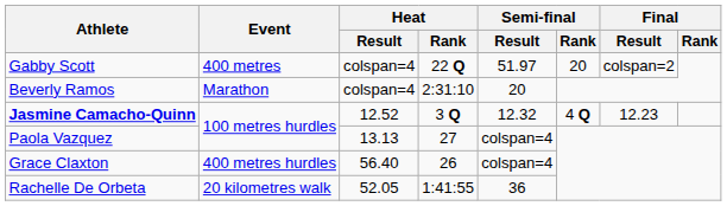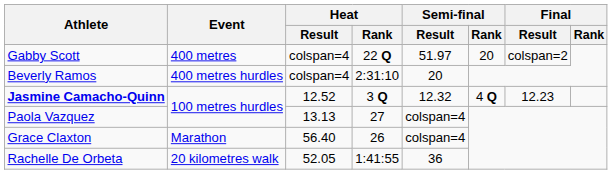 <table class="wikitable" style="font-size:90%">
 <tr>
 <th rowspan="2">Athlete</th>
 <th rowspan="2">Event</th>
 <th colspan="2">Heat</th>
 <th colspan="2">Semi-final</th>
 <th colspan="2">Final</th>
 </tr>
 <tr style="font-size:95%">
 <th>Result</th>
 <th>Rank</th>
 <th>Result</th>
 <th>Rank</th>
 <th>Result</th>
 <th>Rank</th>
 </tr>
 <tr style=text-align:center>
 <td style=text-align:left><a href='#'>Gabby Scott</a></td>
 <td style=text-align:left><a href='#'>400 metres</a></td>
 <td>colspan=4 </td>
 <td>22 <strong>Q</strong></td>
 <td>51.97</td>
 <td>20</td>
 <td>colspan=2 </td>
 </tr>
 <tr style=text-align:center>
 <td style=text-align:left><a href='#'>Beverly Ramos</a></td>
-<td style=text-align:left><a href='#'>Marathon</a></td>
+<td style=text-align:left><a href='#'>400 metres hurdles</a></td>
 <td>colspan=4 </td>
 <td>2:31:10 <strong></strong></td>
 <td>20</td>
 </tr>
 <tr style=text-align:center>
 <td style=text-align:left><strong><a href='#'>Jasmine Camacho-Quinn</a></strong></td>
 <td style=text-align:left rowspan=2><a href='#'>100 metres hurdles</a></td>
 <td>12.52</td>
 <td>3 <strong>Q</strong></td>
 <td>12.32 </td>
 <td>4 <strong>Q</strong></td>
 <td>12.23</td>
 <td></td>
 </tr>
 <tr style=text-align:center>
 <td style=text-align:left><a href='#'>Paola Vazquez</a></td>
 <td>13.13</td>
 <td>27</td>
 <td>colspan=4 </td>
 </tr>
 <tr style=text-align:center>
 <td style=text-align:left><a href='#'>Grace Claxton</a></td>
-<td style=text-align:left><a href='#'>400 metres hurdles</a></td>
+<td style=text-align:left><a href='#'>Marathon</a></td>
 <td>56.40</td>
 <td>26</td>
 <td>colspan=4 </td>
 </tr>
 <tr style=text-align:center>
 <td style=text-align:left><a href='#'>Rachelle De Orbeta</a></td>
 <td style=text-align:left><a href='#'>20 kilometres walk</a></td>
 <td>52.05</td>
 <td>1:41:55</td>
 <td>36</td>
 </tr>
 </table>
